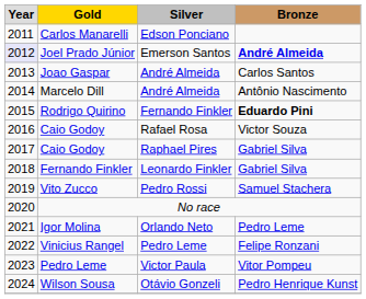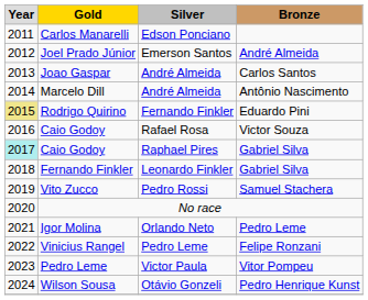 <table class="wikitable sortable alternance" style="font-size:95%">
 <tr style="text-align:center; background:#e4e4e4; font-weight:bold;">
 <td style="background:#ddd; ">Year</td>
 <td style="background:gold; ">Gold</td>
 <td style="background:silver; ">Silver</td>
 <td style="background:#c96; ">Bronze</td>
 </tr>
 <tr>
 <td>2011</td>
 <td><a href='#'>Carlos Manarelli</a></td>
 <td><a href='#'>Edson Ponciano</a></td>
 <td></td>
 </tr>
 <tr>
-<td style="background: lavender;">2012</td>
+<td>2012</td>
 <td><a href='#'>Joel Prado Júnior</a></td>
 <td>Emerson Santos</td>
-<td><strong><a href='#'>André Almeida</a></strong></td>
+<td><a href='#'>André Almeida</a></td>
 </tr>
 <tr>
 <td>2013</td>
 <td><a href='#'>Joao Gaspar</a></td>
 <td><a href='#'>André Almeida</a></td>
 <td>Carlos Santos</td>
 </tr>
 <tr>
 <td>2014</td>
 <td>Marcelo Dill</td>
 <td><a href='#'>André Almeida</a></td>
 <td>Antônio Nascimento</td>
 </tr>
 <tr>
-<td>2015</td>
+<td style="background: khaki;">2015</td>
 <td><a href='#'>Rodrigo Quirino</a></td>
 <td><a href='#'>Fernando Finkler</a></td>
-<td><strong>Eduardo Pini</strong></td>
+<td>Eduardo Pini</td>
 </tr>
 <tr>
 <td>2016</td>
 <td><a href='#'>Caio Godoy</a></td>
 <td>Rafael Rosa</td>
 <td>Victor Souza</td>
 </tr>
 <tr>
-<td>2017</td>
+<td style="background: paleturquoise;">2017</td>
 <td><a href='#'>Caio Godoy</a></td>
 <td><a href='#'>Raphael Pires</a></td>
 <td><a href='#'>Gabriel Silva</a></td>
 </tr>
 <tr>
 <td>2018</td>
 <td><a href='#'>Fernando Finkler</a></td>
 <td><a href='#'>Leonardo Finkler</a></td>
 <td><a href='#'>Gabriel Silva</a></td>
 </tr>
 <tr>
 <td>2019</td>
 <td><a href='#'>Vito Zucco</a></td>
 <td><a href='#'>Pedro Rossi</a></td>
 <td><a href='#'>Samuel Stachera</a></td>
 </tr>
 <tr>
 <td>2020</td>
 <td colspan=3; align=center><em>No race</em></td>
 </tr>
 <tr>
 <td>2021</td>
 <td><a href='#'>Igor Molina</a></td>
 <td><a href='#'>Orlando Neto</a></td>
 <td><a href='#'>Pedro Leme</a></td>
 </tr>
 <tr>
 <td>2022</td>
 <td><a href='#'>Vinicius Rangel</a></td>
 <td><a href='#'>Pedro Leme</a></td>
 <td><a href='#'>Felipe Ronzani</a></td>
 </tr>
 <tr>
 <td>2023</td>
 <td><a href='#'>Pedro Leme</a></td>
 <td><a href='#'>Victor Paula</a></td>
 <td><a href='#'>Vitor Pompeu</a></td>
 </tr>
 <tr>
 <td>2024</td>
 <td><a href='#'>Wilson Sousa</a></td>
 <td><a href='#'>Otávio Gonzeli</a></td>
 <td><a href='#'>Pedro Henrique Kunst</a></td>
 </tr>
 <tr>
 </tr>
 </table>
